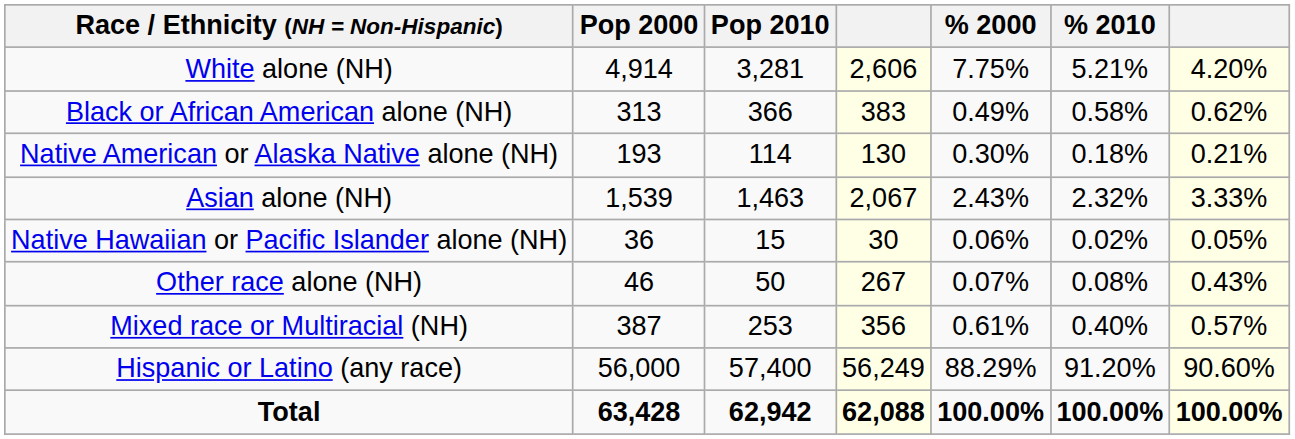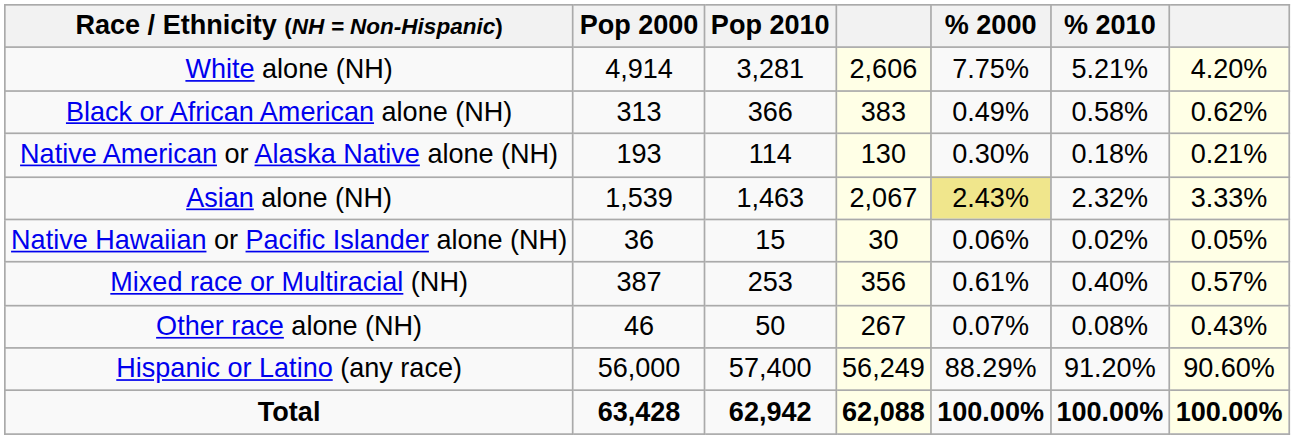 <table class="wikitable" style="text-align:center;">
 <tr>
 <th>Race / Ethnicity <small>(<em>NH = Non-Hispanic</em>)</small></th>
 <th>Pop 2000</th>
 <th>Pop 2010</th>
 <th></th>
 <th>% 2000</th>
 <th>% 2010</th>
 <th></th>
 </tr>
 <tr>
 <td><a href='#'>White</a> alone (NH)</td>
 <td>4,914</td>
 <td>3,281</td>
 <td style='background: #ffffe6;'>2,606</td>
 <td>7.75%</td>
 <td>5.21%</td>
 <td style='background: #ffffe6;'>4.20%</td>
 </tr>
 <tr>
 <td><a href='#'>Black or African American</a> alone (NH)</td>
 <td>313</td>
 <td>366</td>
 <td style='background: #ffffe6;'>383</td>
 <td>0.49%</td>
 <td>0.58%</td>
 <td style='background: #ffffe6;'>0.62%</td>
 </tr>
 <tr>
 <td><a href='#'>Native American</a> or <a href='#'>Alaska Native</a> alone (NH)</td>
 <td>193</td>
 <td>114</td>
 <td style='background: #ffffe6;'>130</td>
 <td>0.30%</td>
 <td>0.18%</td>
 <td style='background: #ffffe6;'>0.21%</td>
 </tr>
 <tr>
 <td><a href='#'>Asian</a> alone (NH)</td>
 <td>1,539</td>
 <td>1,463</td>
 <td style='background: #ffffe6;'>2,067</td>
-<td>2.43%</td>
+<td style="background: khaki;">2.43%</td>
 <td>2.32%</td>
 <td style='background: #ffffe6;'>3.33%</td>
 </tr>
 <tr>
 <td><a href='#'>Native Hawaiian</a> or <a href='#'>Pacific Islander</a> alone (NH)</td>
 <td>36</td>
 <td>15</td>
 <td style='background: #ffffe6;'>30</td>
 <td>0.06%</td>
 <td>0.02%</td>
 <td style='background: #ffffe6;'>0.05%</td>
 </tr>
 <tr>
+<td><a href='#'>Mixed race or Multiracial</a> (NH)</td>
+<td>387</td>
+<td>253</td>
+<td style='background: #ffffe6;'>356</td>
+<td>0.61%</td>
+<td>0.40%</td>
+<td style='background: #ffffe6;'>0.57%</td>
+</tr>
+<tr>
 <td><a href='#'>Other race</a> alone (NH)</td>
 <td>46</td>
 <td>50</td>
 <td style='background: #ffffe6;'>267</td>
 <td>0.07%</td>
 <td>0.08%</td>
 <td style='background: #ffffe6;'>0.43%</td>
-</tr>
-<tr>
-<td><a href='#'>Mixed race or Multiracial</a> (NH)</td>
-<td>387</td>
-<td>253</td>
-<td style='background: #ffffe6;'>356</td>
-<td>0.61%</td>
-<td>0.40%</td>
-<td style='background: #ffffe6;'>0.57%</td>
 </tr>
 <tr>
 <td><a href='#'>Hispanic or Latino</a> (any race)</td>
 <td>56,000</td>
 <td>57,400</td>
 <td style='background: #ffffe6;'>56,249</td>
 <td>88.29%</td>
 <td>91.20%</td>
 <td style='background: #ffffe6;'>90.60%</td>
 </tr>
 <tr>
 <td><strong>Total</strong></td>
 <td><strong>63,428</strong></td>
 <td><strong>62,942</strong></td>
 <td style='background: #ffffe6;'><strong>62,088</strong></td>
 <td><strong>100.00%</strong></td>
 <td><strong>100.00%</strong></td>
 <td style='background: #ffffe6;'><strong>100.00%</strong></td>
 </tr>
 </table>
